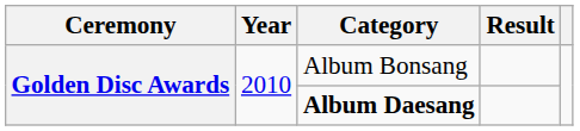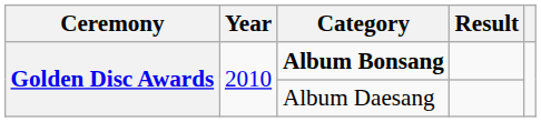 <table class="wikitable sortable plainrowheaders">
 <tr>
 <th scope="col">Ceremony</th>
 <th scope="col">Year</th>
 <th scope="col">Category</th>
 <th scope="col">Result</th>
 <th scope="col" class="unsortable"></th>
 </tr>
 <tr>
 <th scope="row" rowspan="2"><a href='#'>Golden Disc Awards</a></th>
 <td style="text-align:center" rowspan="2"><a href='#'>2010</a></td>
-<td>Album Bonsang</td>
+<td><strong>Album Bonsang</strong></td>
 <td></td>
 <td style="text-align:center" rowspan="2"></td>
 </tr>
 <tr>
-<td><strong>Album Daesang</strong></td>
+<td>Album Daesang</td>
 <td></td>
 </tr>
 </table>
